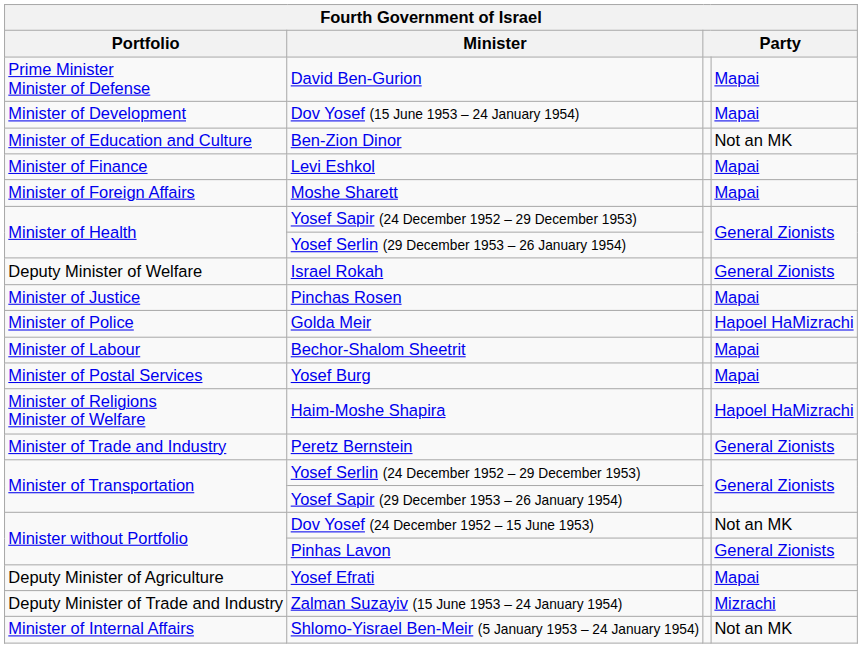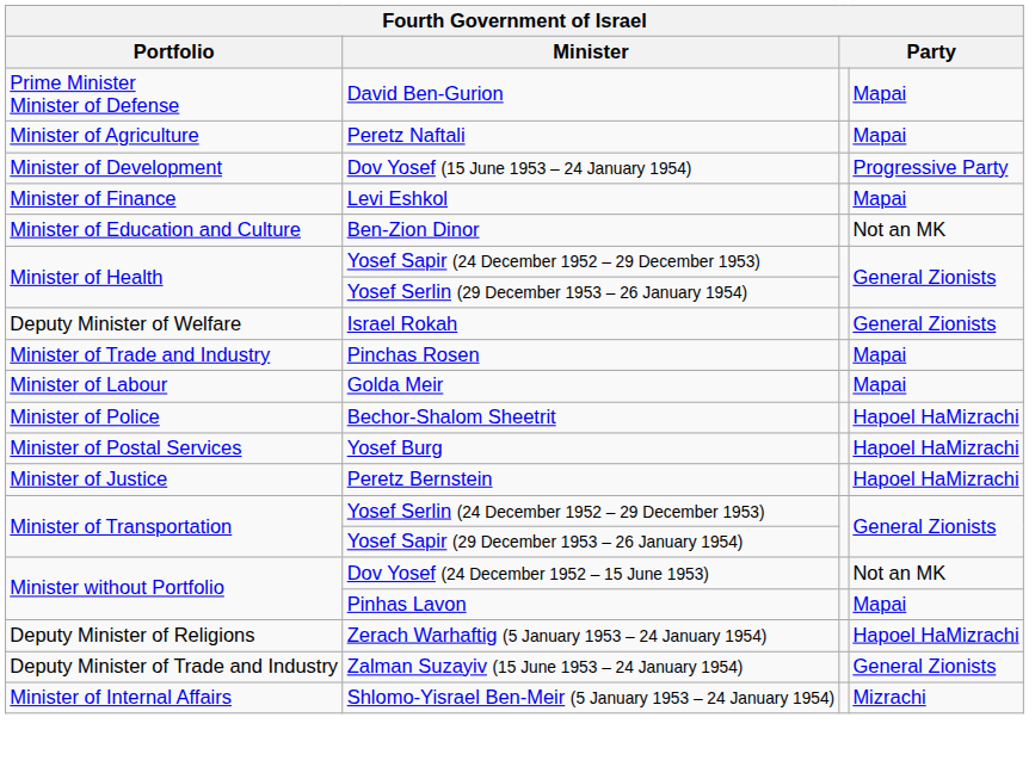 <table class="wikitable sortable" style="text-align:left">
 <tr>
 <th colspan=4>Fourth Government of Israel</th>
 </tr>
 <tr>
 <th>Portfolio</th>
 <th>Minister</th>
 <th colspan=2>Party</th>
 </tr>
 <tr>
 <td><a href='#'>Prime Minister</a><br><a href='#'>Minister of Defense</a></td>
 <td><a href='#'>David Ben-Gurion</a></td>
 <td style="background:"></td>
 <td><a href='#'>Mapai</a></td>
 </tr>
 <tr>
+<td><a href='#'>Minister of Agriculture</a></td>
+<td><a href='#'>Peretz Naftali</a></td>
+<td style="background:"></td>
+<td><a href='#'>Mapai</a></td>
+</tr>
+<tr>
 <td><a href='#'>Minister of Development</a></td>
 <td><a href='#'>Dov Yosef</a> <small>(15 June 1953 – 24 January 1954)</small></td>
+<td style="background:"></td>
+<td><a href='#'>Progressive Party</a></td>
+</tr>
+<tr>
+<td><a href='#'>Minister of Finance</a></td>
+<td><a href='#'>Levi Eshkol</a></td>
 <td style="background:"></td>
 <td><a href='#'>Mapai</a></td>
 </tr>
 <tr>
 <td><a href='#'>Minister of Education and Culture</a></td>
 <td><a href='#'>Ben-Zion Dinor</a></td>
 <td style="background:"></td>
 <td>Not an MK</td>
-</tr>
-<tr>
-<td><a href='#'>Minister of Finance</a></td>
-<td><a href='#'>Levi Eshkol</a></td>
-<td style="background:"></td>
-<td><a href='#'>Mapai</a></td>
-</tr>
-<tr>
-<td><a href='#'>Minister of Foreign Affairs</a></td>
-<td><a href='#'>Moshe Sharett</a></td>
-<td style="background:"></td>
-<td><a href='#'>Mapai</a></td>
 </tr>
 <tr>
 <td rowspan="2"><a href='#'>Minister of Health</a></td>
 <td><a href='#'>Yosef Sapir</a> <small>(24 December 1952 – 29 December 1953)</small></td>
 <td rowspan="2" style="background:"></td>
 <td rowspan="2"><a href='#'>General Zionists</a></td>
 </tr>
 <tr>
 <td><a href='#'>Yosef Serlin</a> <small>(29 December 1953 – 26 January 1954)</small></td>
 </tr>
 <tr>
 <td>Deputy Minister of Welfare</td>
 <td><a href='#'>Israel Rokah</a></td>
 <td style="background:"></td>
 <td><a href='#'>General Zionists</a></td>
 </tr>
 <tr>
-<td><a href='#'>Minister of Justice</a></td>
+<td><a href='#'>Minister of Trade and Industry</a></td>
 <td><a href='#'>Pinchas Rosen</a></td>
 <td style="background:"></td>
 <td><a href='#'>Mapai</a></td>
 </tr>
 <tr>
-<td><a href='#'>Minister of Police</a></td>
+<td><a href='#'>Minister of Labour</a></td>
 <td><a href='#'>Golda Meir</a></td>
 <td style="background:"></td>
-<td><a href='#'>Hapoel HaMizrachi</a></td>
+<td><a href='#'>Mapai</a></td>
 </tr>
 <tr>
-<td><a href='#'>Minister of Labour</a></td>
+<td><a href='#'>Minister of Police</a></td>
 <td><a href='#'>Bechor-Shalom Sheetrit</a></td>
 <td style="background:"></td>
-<td><a href='#'>Mapai</a></td>
+<td><a href='#'>Hapoel HaMizrachi</a></td>
 </tr>
 <tr>
 <td><a href='#'>Minister of Postal Services</a></td>
 <td><a href='#'>Yosef Burg</a></td>
 <td style="background:"></td>
-<td><a href='#'>Mapai</a></td>
-</tr>
-<tr>
-<td><a href='#'>Minister of Religions</a><br><a href='#'>Minister of Welfare</a></td>
-<td><a href='#'>Haim-Moshe Shapira</a></td>
-<td style="background:"></td>
 <td><a href='#'>Hapoel HaMizrachi</a></td>
 </tr>
 <tr>
-<td><a href='#'>Minister of Trade and Industry</a></td>
+<td><a href='#'>Minister of Justice</a></td>
 <td><a href='#'>Peretz Bernstein</a></td>
 <td style="background:"></td>
-<td><a href='#'>General Zionists</a></td>
+<td><a href='#'>Hapoel HaMizrachi</a></td>
 </tr>
 <tr>
 <td rowspan="2"><a href='#'>Minister of Transportation</a></td>
 <td><a href='#'>Yosef Serlin</a> <small>(24 December 1952 – 29 December 1953)</small></td>
 <td rowspan="2" style="background:"></td>
 <td rowspan="2"><a href='#'>General Zionists</a></td>
 </tr>
 <tr>
 <td><a href='#'>Yosef Sapir</a> <small>(29 December 1953 – 26 January 1954)</small></td>
 </tr>
 <tr>
 <td rowspan="2"><a href='#'>Minister without Portfolio</a></td>
 <td><a href='#'>Dov Yosef</a> <small>(24 December 1952 – 15 June 1953)</small></td>
 <td style="background:"></td>
 <td>Not an MK</td>
 </tr>
 <tr>
 <td><a href='#'>Pinhas Lavon</a></td>
 <td style="background:"></td>
-<td><a href='#'>General Zionists</a></td>
+<td><a href='#'>Mapai</a></td>
 </tr>
 <tr>
-<td>Deputy Minister of Agriculture</td>
-<td><a href='#'>Yosef Efrati</a></td>
+<td>Deputy Minister of Religions</td>
+<td><a href='#'>Zerach Warhaftig</a> <small>(5 January 1953 – 24 January 1954)</small></td>
 <td style="background:"></td>
-<td><a href='#'>Mapai</a></td>
+<td><a href='#'>Hapoel HaMizrachi</a></td>
 </tr>
 <tr>
 <td>Deputy Minister of Trade and Industry</td>
 <td><a href='#'>Zalman Suzayiv</a> <small>(15 June 1953 – 24 January 1954)</small></td>
 <td style="background:"></td>
-<td><a href='#'>Mizrachi</a></td>
+<td><a href='#'>General Zionists</a></td>
 </tr>
 <tr>
 <td><a href='#'>Minister of Internal Affairs</a></td>
 <td><a href='#'>Shlomo-Yisrael Ben-Meir</a> <small>(5 January 1953 – 24 January 1954)</small></td>
 <td style="background:"></td>
-<td>Not an MK</td>
+<td><a href='#'>Mizrachi</a></td>
 </tr>
 </table>
